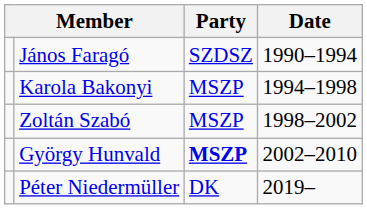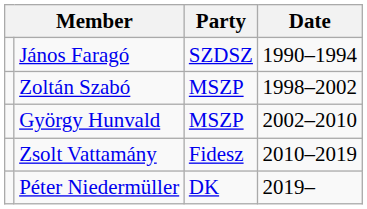 <table class=wikitable>
 <tr>
 <th colspan=2>Member</th>
 <th>Party</th>
 <th>Date</th>
 </tr>
 <tr>
 <td style="background-color:"></td>
 <td><a href='#'>János Faragó</a></td>
 <td><a href='#'>SZDSZ</a></td>
 <td>1990–1994</td>
 </tr>
 <tr>
 <td style="background-color:"></td>
-<td><a href='#'>Karola Bakonyi</a></td>
-<td><a href='#'>MSZP</a></td>
-<td>1994–1998</td>
-</tr>
-<tr>
-<td style="background-color:"></td>
 <td><a href='#'>Zoltán Szabó</a></td>
 <td><a href='#'>MSZP</a></td>
 <td>1998–2002</td>
 </tr>
 <tr>
 <td style="background-color:"></td>
 <td><a href='#'>György Hunvald</a></td>
-<td><strong><a href='#'>MSZP</a></strong></td>
+<td><a href='#'>MSZP</a></td>
 <td>2002–2010</td>
+</tr>
+<tr>
+<td style="background-color:"></td>
+<td><a href='#'>Zsolt Vattamány</a></td>
+<td><a href='#'>Fidesz</a></td>
+<td>2010–2019</td>
 </tr>
 <tr>
 <td style="background-color:"></td>
 <td><a href='#'>Péter Niedermüller</a></td>
 <td><a href='#'>DK</a></td>
 <td>2019–</td>
 </tr>
 </table>
